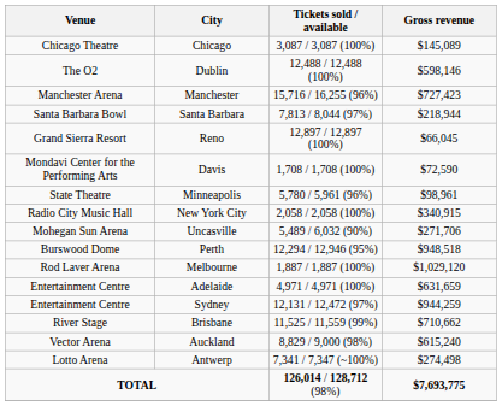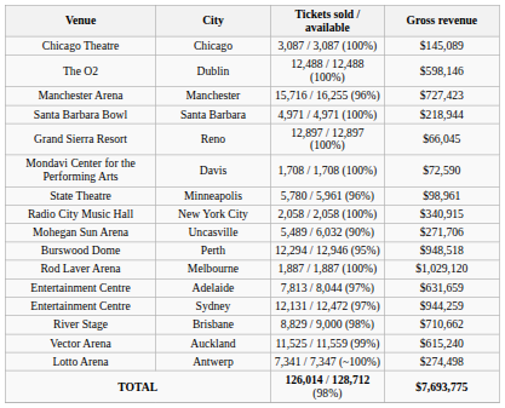 <table class="wikitable" style="text-align:center">
 <tr>
 <th style="width:200px;">Venue</th>
 <th style="width:150px;">City</th>
 <th style="width:150px;">Tickets sold / available</th>
 <th style="width:150px;">Gross revenue</th>
 </tr>
 <tr>
 <td>Chicago Theatre</td>
 <td>Chicago</td>
 <td>3,087 / 3,087 (100%)</td>
 <td>$145,089</td>
 </tr>
 <tr>
 <td>The O2</td>
 <td>Dublin</td>
 <td>12,488 / 12,488 (100%)</td>
 <td>$598,146</td>
 </tr>
 <tr>
 <td>Manchester Arena</td>
 <td>Manchester</td>
 <td>15,716 / 16,255 (96%)</td>
 <td>$727,423</td>
 </tr>
 <tr>
 <td>Santa Barbara Bowl</td>
 <td>Santa Barbara</td>
-<td>7,813 / 8,044 (97%)</td>
+<td>4,971 / 4,971 (100%)</td>
 <td>$218,944</td>
 </tr>
 <tr>
 <td>Grand Sierra Resort</td>
 <td>Reno</td>
 <td>12,897 / 12,897 (100%)</td>
 <td>$66,045</td>
 </tr>
 <tr>
 <td>Mondavi Center for the Performing Arts</td>
 <td>Davis</td>
 <td>1,708 / 1,708 (100%)</td>
 <td>$72,590</td>
 </tr>
 <tr>
 <td>State Theatre</td>
 <td>Minneapolis</td>
 <td>5,780 / 5,961 (96%)</td>
 <td>$98,961</td>
 </tr>
 <tr>
 <td>Radio City Music Hall</td>
 <td>New York City</td>
 <td>2,058 / 2,058 (100%)</td>
 <td>$340,915</td>
 </tr>
 <tr>
 <td>Mohegan Sun Arena</td>
 <td>Uncasville</td>
 <td>5,489 / 6,032 (90%)</td>
 <td>$271,706</td>
 </tr>
 <tr>
 <td>Burswood Dome</td>
 <td>Perth</td>
 <td>12,294 / 12,946 (95%)</td>
 <td>$948,518</td>
 </tr>
 <tr>
 <td>Rod Laver Arena</td>
 <td>Melbourne</td>
 <td>1,887 / 1,887 (100%)</td>
 <td>$1,029,120</td>
 </tr>
 <tr>
 <td>Entertainment Centre</td>
 <td>Adelaide</td>
-<td>4,971 / 4,971 (100%)</td>
+<td>7,813 / 8,044 (97%)</td>
 <td>$631,659</td>
 </tr>
 <tr>
 <td>Entertainment Centre</td>
 <td>Sydney</td>
 <td>12,131 / 12,472 (97%)</td>
 <td>$944,259</td>
 </tr>
 <tr>
 <td>River Stage</td>
 <td>Brisbane</td>
-<td>11,525 / 11,559 (99%)</td>
+<td>8,829 / 9,000 (98%)</td>
 <td>$710,662</td>
 </tr>
 <tr>
 <td>Vector Arena</td>
 <td>Auckland</td>
-<td>8,829 / 9,000 (98%)</td>
+<td>11,525 / 11,559 (99%)</td>
 <td>$615,240</td>
 </tr>
 <tr>
 <td>Lotto Arena</td>
 <td>Antwerp</td>
 <td>7,341 / 7,347 (~100%)</td>
 <td>$274,498</td>
 </tr>
 <tr>
 <td colspan="2"><strong>TOTAL</strong></td>
 <td><strong>126,014</strong> / <strong>128,712</strong> (98%)</td>
 <td><strong>$7,693,775</strong></td>
 </tr>
 <tr>
 </tr>
 </table>
